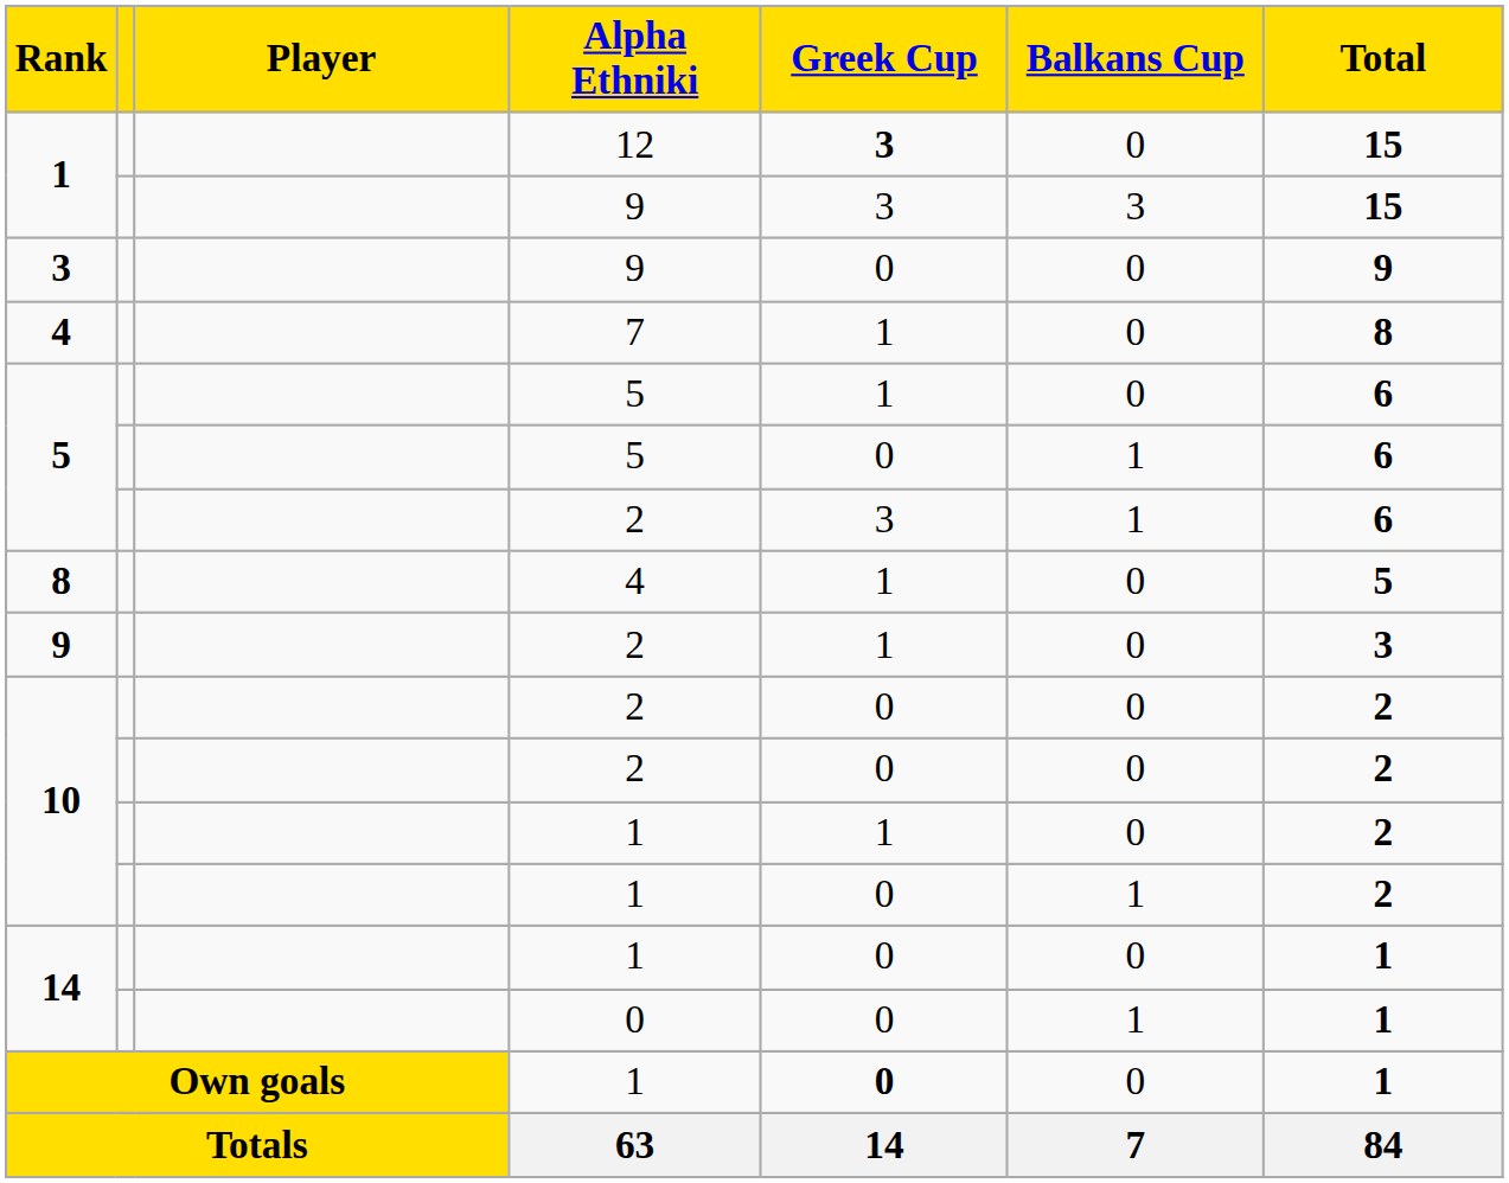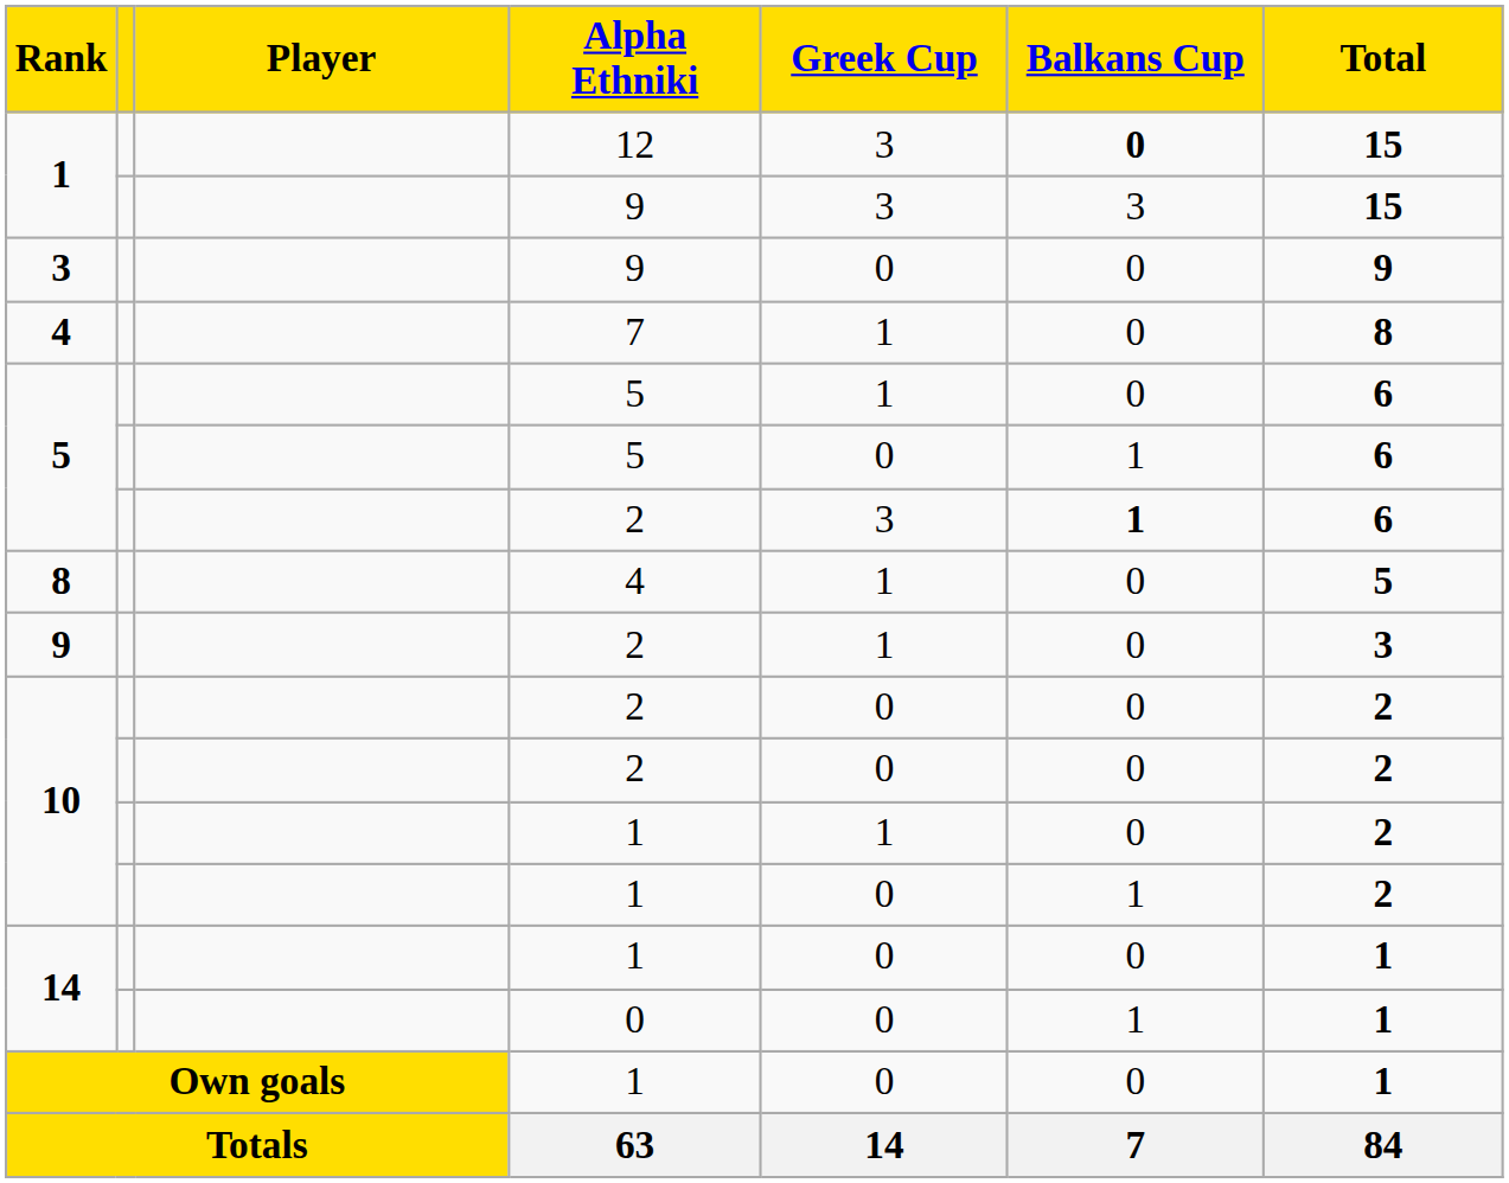 <table class="wikitable sortable" style="text-align: center">
 <tr>
 <th style="background:#FFDE00">Rank</th>
 <th style="background:#FFDE00"></th>
 <th width=200 style="background:#FFDE00">Player</th>
 <th width=120 style="background:#FFDE00"><a href='#'>Alpha Ethniki</a></th>
 <th width=120 style="background:#FFDE00"><a href='#'>Greek Cup</a></th>
 <th width=120 style="background:#FFDE00"><a href='#'>Balkans Cup</a></th>
 <th width=120 style="background:#FFDE00">Total</th>
 </tr>
 <tr>
 <td rowspan=2><strong>1</strong></td>
 <td></td>
 <td align=left></td>
 <td>12</td>
-<td><strong>3</strong></td>
-<td>0</td>
+<td>3</td>
+<td><strong>0</strong></td>
 <td><strong>15</strong></td>
 </tr>
 <tr>
 <td></td>
 <td align=left></td>
 <td>9</td>
 <td>3</td>
 <td>3</td>
 <td><strong>15</strong></td>
 </tr>
 <tr>
 <td><strong>3</strong></td>
 <td></td>
 <td align=left></td>
 <td>9</td>
 <td>0</td>
 <td>0</td>
 <td><strong>9</strong></td>
 </tr>
 <tr>
 <td><strong>4</strong></td>
 <td></td>
 <td align=left></td>
 <td>7</td>
 <td>1</td>
 <td>0</td>
 <td><strong>8</strong></td>
 </tr>
 <tr>
 <td rowspan=3><strong>5</strong></td>
 <td></td>
 <td align=left></td>
 <td>5</td>
 <td>1</td>
 <td>0</td>
 <td><strong>6</strong></td>
 </tr>
 <tr>
 <td></td>
 <td align=left></td>
 <td>5</td>
 <td>0</td>
 <td>1</td>
 <td><strong>6</strong></td>
 </tr>
 <tr>
 <td></td>
 <td align=left></td>
 <td>2</td>
 <td>3</td>
-<td>1</td>
+<td><strong>1</strong></td>
 <td><strong>6</strong></td>
 </tr>
 <tr>
 <td><strong>8</strong></td>
 <td></td>
 <td align=left></td>
 <td>4</td>
 <td>1</td>
 <td>0</td>
 <td><strong>5</strong></td>
 </tr>
 <tr>
 <td><strong>9</strong></td>
 <td></td>
 <td align=left></td>
 <td>2</td>
 <td>1</td>
 <td>0</td>
 <td><strong>3</strong></td>
 </tr>
 <tr>
 <td rowspan=4><strong>10</strong></td>
 <td></td>
 <td align=left></td>
 <td>2</td>
 <td>0</td>
 <td>0</td>
 <td><strong>2</strong></td>
 </tr>
 <tr>
 <td></td>
 <td align=left></td>
 <td>2</td>
 <td>0</td>
 <td>0</td>
 <td><strong>2</strong></td>
 </tr>
 <tr>
 <td></td>
 <td align=left></td>
 <td>1</td>
 <td>1</td>
 <td>0</td>
 <td><strong>2</strong></td>
 </tr>
 <tr>
 <td></td>
 <td align=left></td>
 <td>1</td>
 <td>0</td>
 <td>1</td>
 <td><strong>2</strong></td>
 </tr>
 <tr>
 <td rowspan=2><strong>14</strong></td>
 <td></td>
 <td align=left></td>
 <td>1</td>
 <td>0</td>
 <td>0</td>
 <td><strong>1</strong></td>
 </tr>
 <tr>
 <td></td>
 <td align=left></td>
 <td>0</td>
 <td>0</td>
 <td>1</td>
 <td><strong>1</strong></td>
 </tr>
 <tr class="sortbottom">
 <td colspan=3 style="background:#FFDE00"><strong>Own goals</strong></td>
 <td>1</td>
-<td><strong>0</strong></td>
+<td>0</td>
 <td>0</td>
 <td><strong>1</strong></td>
 </tr>
 <tr class="sortbottom">
 <th colspan=3 style="background:#FFDE00"><strong>Totals</strong></th>
 <th><strong>63</strong></th>
 <th><strong>14</strong></th>
 <th><strong> 7</strong></th>
 <th><strong>84</strong></th>
 </tr>
 </table>
